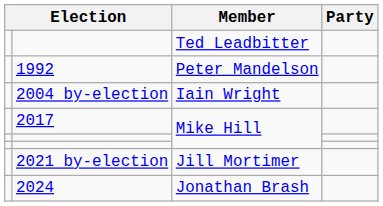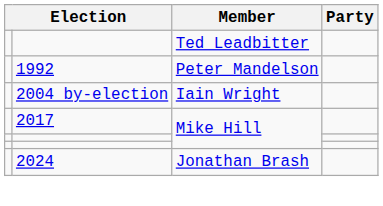 <table class="wikitable sortable">
 <tr>
 <th colspan="2">Election</th>
 <th>Member</th>
 <th>Party</th>
 </tr>
 <tr>
 <td style="color:inherit;background-color: "></td>
 <td><a href='#'></a></td>
 <td><a href='#'>Ted Leadbitter</a></td>
 <td></td>
 </tr>
 <tr>
 <td style="color:inherit;background-color: "></td>
 <td><a href='#'>1992</a></td>
 <td><a href='#'>Peter Mandelson</a></td>
 <td></td>
 </tr>
 <tr>
 <td style="color:inherit;background-color: "></td>
 <td><a href='#'>2004 by-election</a></td>
 <td><a href='#'>Iain Wright</a></td>
 <td></td>
 </tr>
 <tr>
 <td style="color:inherit;background-color: "></td>
 <td><a href='#'>2017</a></td>
 <td rowspan="3"><a href='#'>Mike Hill</a></td>
 <td></td>
 </tr>
 <tr>
 <td style="color:inherit;background-color: "></td>
 <td><em></em></td>
 <td></td>
 </tr>
 <tr>
 <td style="color:inherit;background-color: "></td>
 <td><em></em></td>
 <td></td>
 </tr>
 <tr>
 <td style="color:inherit;background-color: "></td>
-<td><a href='#'>2021 by-election</a></td>
-<td><a href='#'>Jill Mortimer</a></td>
-<td></td>
-</tr>
-<tr>
-<td style="color:inherit;background-color: "></td>
 <td><a href='#'>2024</a></td>
 <td><a href='#'>Jonathan Brash</a></td>
 <td></td>
 </tr>
 </table>
